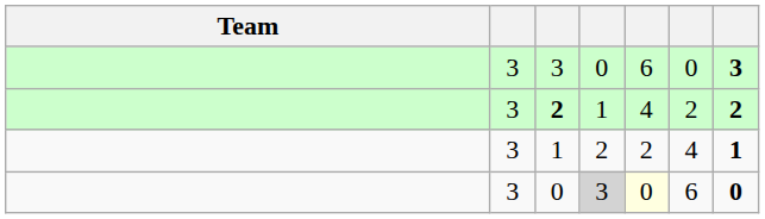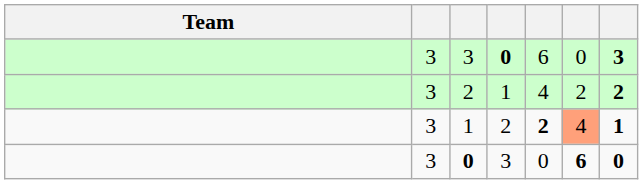 <table class=wikitable style="text-align:center">
 <tr>
 <th width=290>Team</th>
 <th width=20></th>
 <th width=20></th>
 <th width=20></th>
 <th width=20></th>
 <th width=20></th>
 <th width=20></th>
 </tr>
 <tr bgcolor=ccffcc>
 <td style="text-align:left"></td>
 <td>3</td>
 <td>3</td>
-<td>0</td>
+<td><strong>0</strong></td>
 <td>6</td>
 <td>0</td>
 <td><strong>3</strong></td>
 </tr>
 <tr bgcolor=ccffcc>
 <td style="text-align:left"></td>
 <td>3</td>
-<td><strong>2</strong></td>
+<td>2</td>
 <td>1</td>
 <td>4</td>
 <td>2</td>
 <td><strong>2</strong></td>
 </tr>
 <tr>
 <td style="text-align:left"></td>
 <td>3</td>
 <td>1</td>
 <td>2</td>
-<td>2</td>
-<td>4</td>
+<td><strong>2</strong></td>
+<td style="background: lightsalmon;">4</td>
 <td><strong>1</strong></td>
 </tr>
 <tr>
 <td style="text-align:left"></td>
 <td>3</td>
+<td><strong>0</strong></td>
+<td>3</td>
 <td>0</td>
-<td style="background: lightgrey;">3</td>
-<td style="background: lightyellow;">0</td>
-<td>6</td>
+<td><strong>6</strong></td>
 <td><strong>0</strong></td>
 </tr>
 </table>
